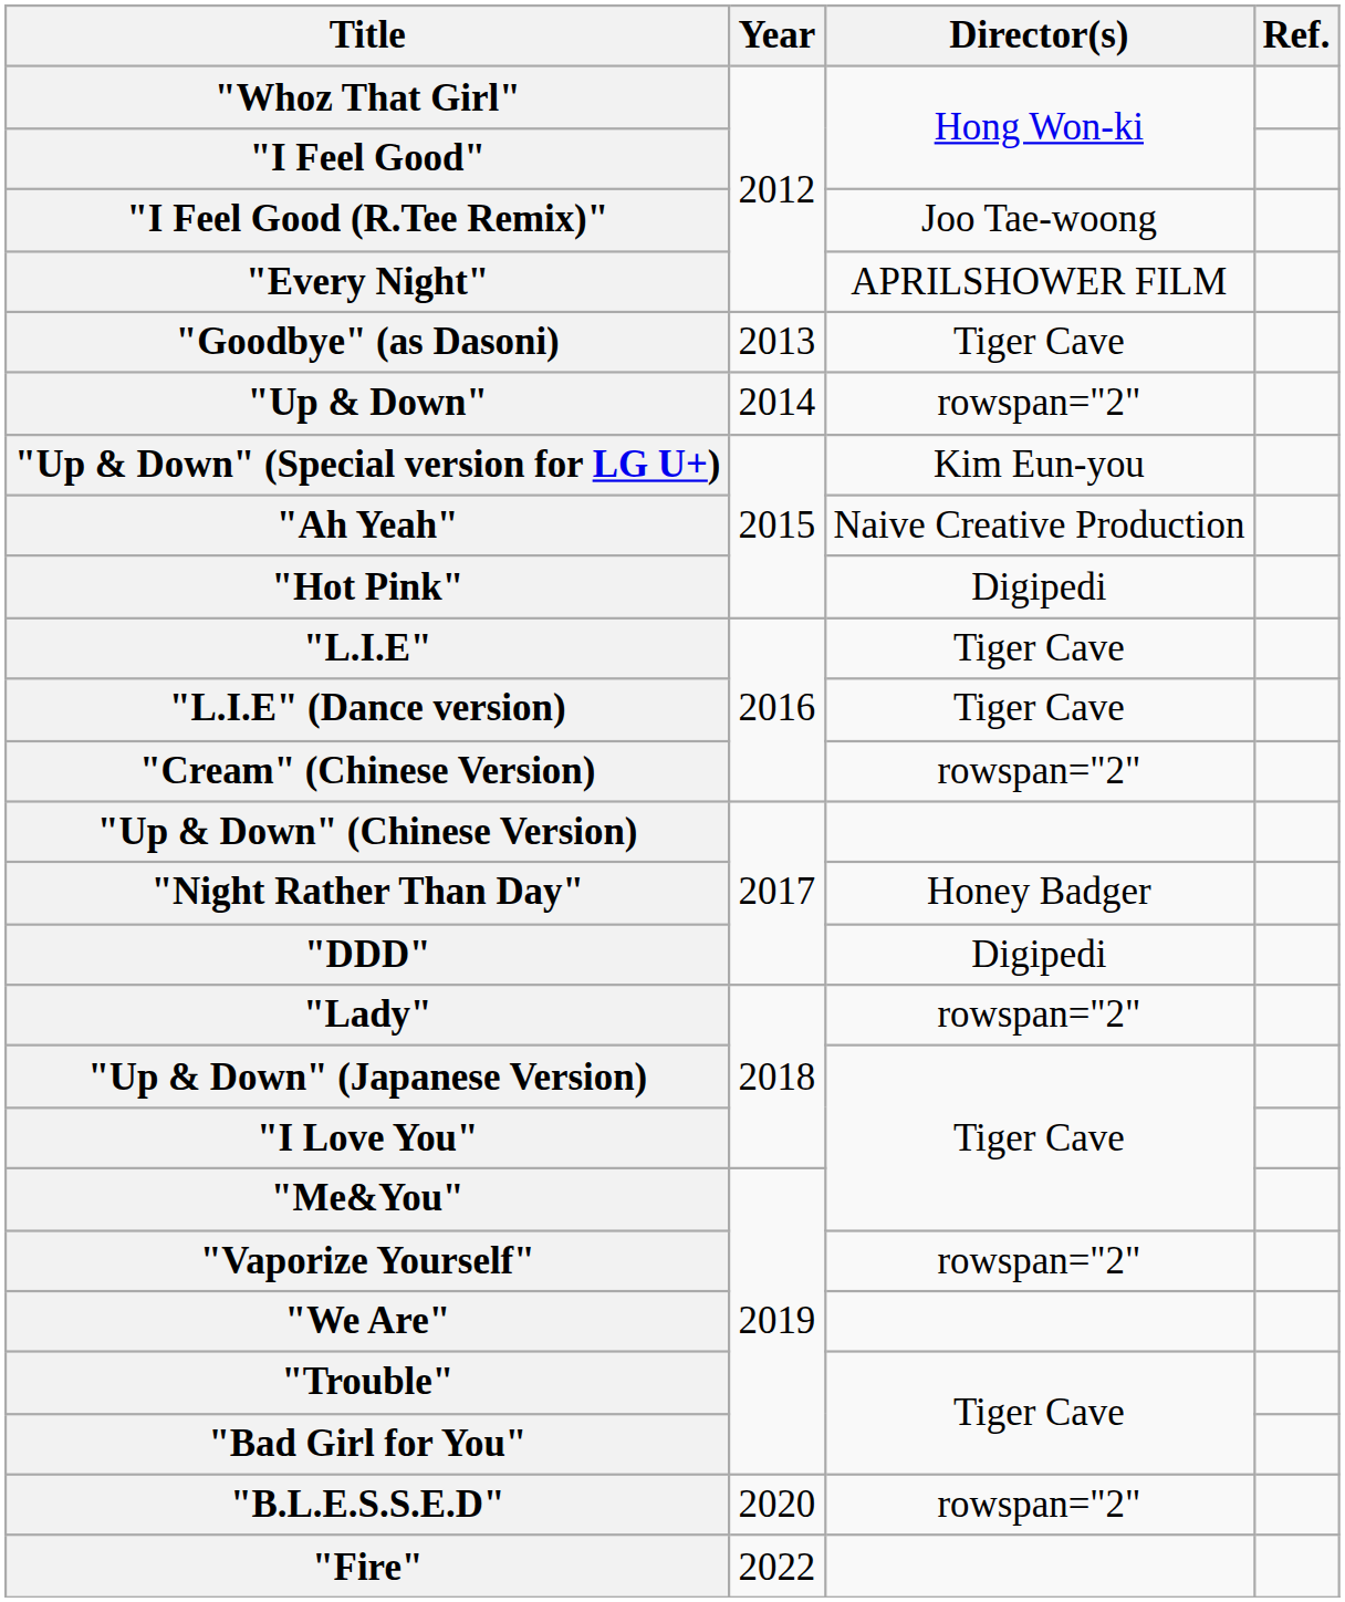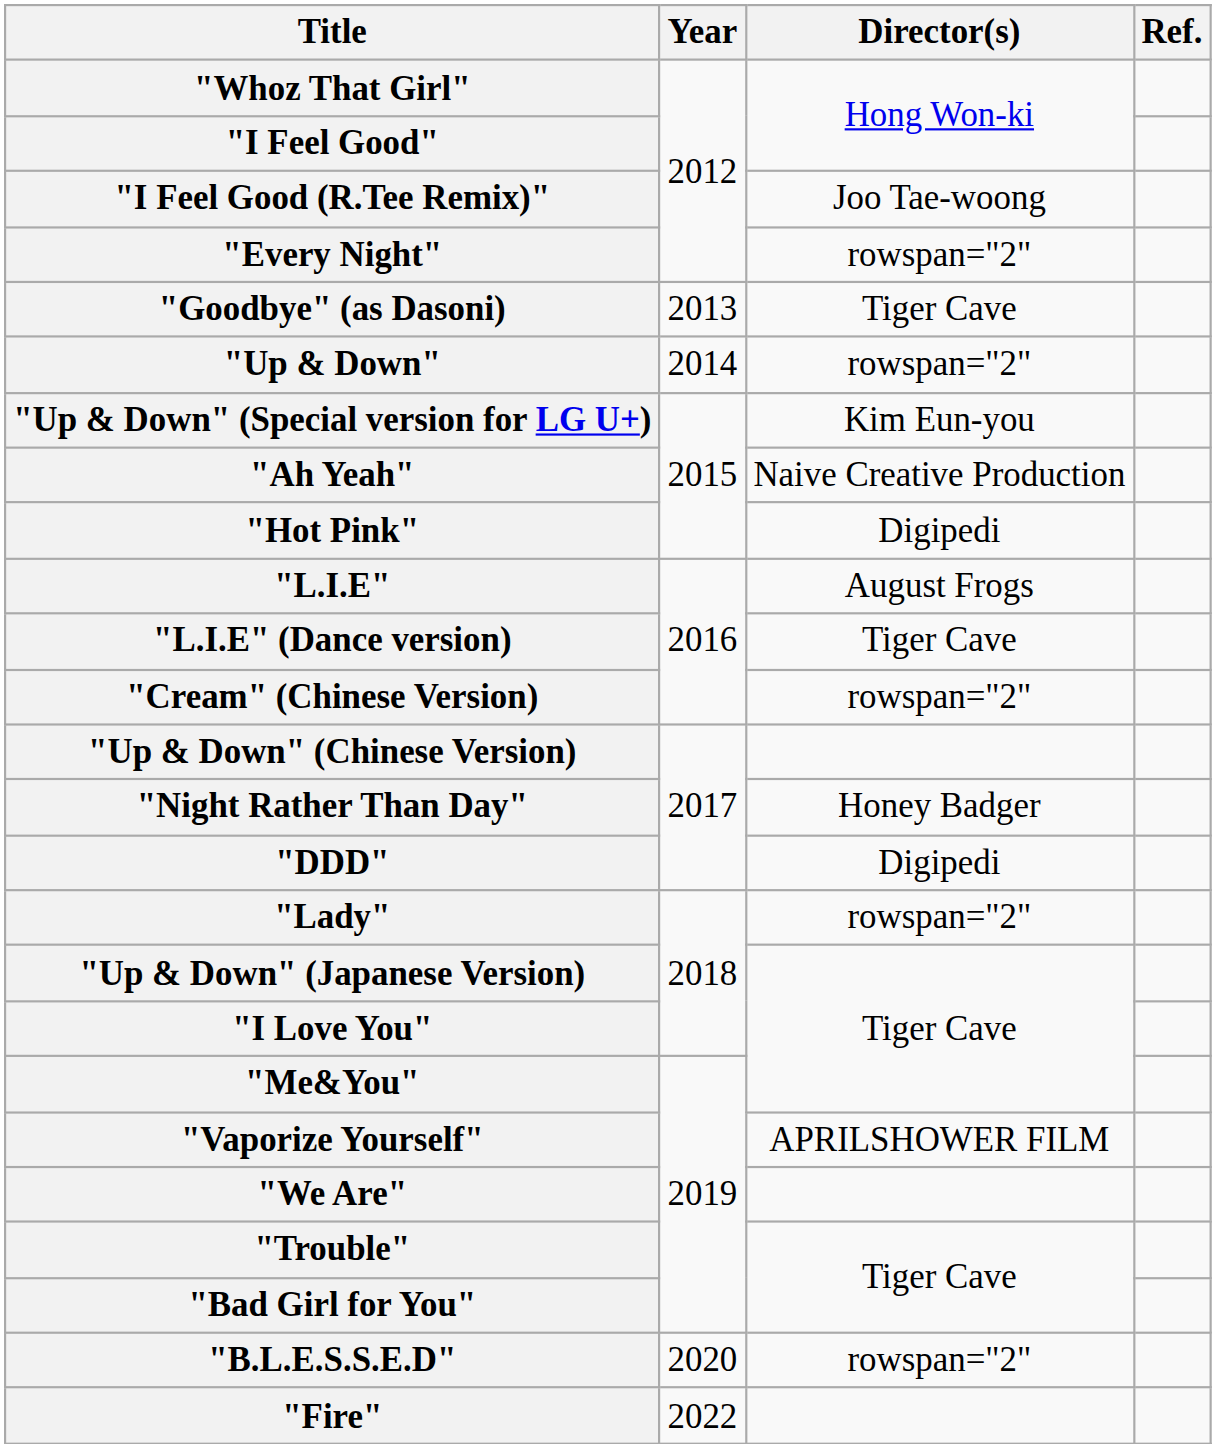 <table class="wikitable plainrowheaders" style="text-align:center">
 <tr>
 <th scope="col">Title</th>
 <th scope="col">Year</th>
 <th scope="col">Director(s)</th>
 <th scope="col">Ref.</th>
 </tr>
 <tr>
 <th scope="row">"Whoz That Girl"</th>
 <td rowspan="4">2012</td>
 <td rowspan="2"><a href='#'>Hong Won-ki</a></td>
 <td></td>
 </tr>
 <tr>
 <th scope="row">"I Feel Good"</th>
 <td></td>
 </tr>
 <tr>
 <th scope="row">"I Feel Good (R.Tee Remix)"</th>
 <td>Joo Tae-woong</td>
 <td></td>
 </tr>
 <tr>
 <th scope="row">"Every Night"</th>
-<td>APRILSHOWER FILM</td>
+<td>rowspan="2" </td>
 <td></td>
 </tr>
 <tr>
 <th scope="row">"Goodbye" (as Dasoni)</th>
 <td>2013</td>
 <td>Tiger Cave</td>
 <td></td>
 </tr>
 <tr>
 <th scope="row">"Up & Down"</th>
 <td>2014</td>
 <td>rowspan="2" </td>
 <td></td>
 </tr>
 <tr>
 <th scope="row">"Up & Down" (Special version for <a href='#'>LG U+</a>)</th>
 <td rowspan="3">2015</td>
 <td>Kim Eun-you</td>
 <td></td>
 </tr>
 <tr>
 <th scope="row">"Ah Yeah"</th>
 <td>Naive Creative Production</td>
 <td></td>
 </tr>
 <tr>
 <th scope="row">"Hot Pink"</th>
 <td>Digipedi</td>
 <td></td>
 </tr>
 <tr>
 <th scope="row">"L.I.E"</th>
 <td rowspan="3">2016</td>
-<td>Tiger Cave</td>
+<td>August Frogs</td>
 <td></td>
 </tr>
 <tr>
 <th scope="row">"L.I.E" (Dance version)</th>
 <td>Tiger Cave</td>
 <td></td>
 </tr>
 <tr>
 <th scope="row">"Cream" (Chinese Version)</th>
 <td>rowspan="2" </td>
 <td></td>
 </tr>
 <tr>
 <th scope="row">"Up & Down" (Chinese Version)</th>
 <td rowspan="3">2017</td>
 <td></td>
 </tr>
 <tr>
 <th scope="row">"Night Rather Than Day"</th>
 <td>Honey Badger</td>
 <td></td>
 </tr>
 <tr>
 <th scope="row">"DDD"</th>
 <td>Digipedi</td>
 <td></td>
 </tr>
 <tr>
 <th scope="row">"Lady"</th>
 <td rowspan="3">2018</td>
 <td>rowspan="2" </td>
 <td></td>
 </tr>
 <tr>
 <th scope="row">"Up & Down" (Japanese Version)</th>
 <td rowspan="3">Tiger Cave</td>
 <td></td>
 </tr>
 <tr>
 <th scope="row">"I Love You"</th>
 <td></td>
 </tr>
 <tr>
 <th scope="row">"Me&You"</th>
 <td rowspan="5">2019</td>
 <td></td>
 </tr>
 <tr>
 <th scope="row">"Vaporize Yourself"</th>
-<td>rowspan="2" </td>
+<td>APRILSHOWER FILM</td>
 <td></td>
 </tr>
 <tr>
 <th scope="row">"We Are"</th>
 <td></td>
 </tr>
 <tr>
 <th scope="row">"Trouble"</th>
 <td rowspan="2">Tiger Cave</td>
 <td></td>
 </tr>
 <tr>
 <th scope="row">"Bad Girl for You"</th>
 <td></td>
 </tr>
 <tr>
 <th scope="row">"B.L.E.S.S.E.D"</th>
 <td>2020</td>
 <td>rowspan="2" </td>
 <td></td>
 </tr>
 <tr>
 <th scope="row">"Fire"</th>
 <td>2022</td>
 <td></td>
 <td></td>
 </tr>
 <tr>
 </tr>
 </table>
